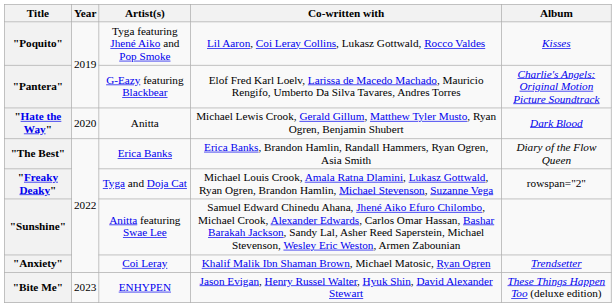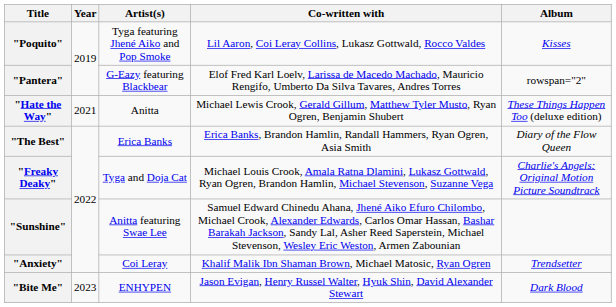 <table class="wikitable plainrowheaders" style="text-align:center;">
 <tr>
 <th scope="col">Title</th>
 <th scope="col">Year</th>
 <th scope="col">Artist(s)</th>
 <th scope="col">Co-written with</th>
 <th scope="col">Album</th>
 </tr>
 <tr>
 <th scope="row">"Poquito"</th>
 <td rowspan="2">2019</td>
 <td>Tyga featuring <a href='#'>Jhené Aiko</a> and <a href='#'>Pop Smoke</a></td>
 <td><a href='#'>Lil Aaron</a>, <a href='#'>Coi Leray Collins</a>, Lukasz Gottwald, <a href='#'>Rocco Valdes</a></td>
 <td><em><a href='#'>Kisses</a></em></td>
 </tr>
 <tr>
 <th scope="row">"Pantera"</th>
 <td><a href='#'>G-Eazy</a> featuring <a href='#'>Blackbear</a></td>
 <td>Elof Fred Karl Loelv, <a href='#'>Larissa de Macedo Machado</a>, Mauricio Rengifo, Umberto Da Silva Tavares, Andres Torres</td>
-<td><em><a href='#'>Charlie's Angels: Original Motion Picture Soundtrack</a></em></td>
+<td>rowspan="2" </td>
 </tr>
 <tr>
 <th scope="row">"<a href='#'>Hate the Way</a>"</th>
-<td>2020</td>
+<td>2021</td>
 <td>Anitta</td>
 <td>Michael Lewis Crook, <a href='#'>Gerald Gillum</a>, <a href='#'>Matthew Tyler Musto</a>, Ryan Ogren, Benjamin Shubert</td>
-<td><em><a href='#'>Dark Blood</a></em></td>
+<td><em><a href='#'>These Things Happen Too</a></em> (deluxe edition)</td>
 </tr>
 <tr>
 <th scope="row">"The Best"</th>
 <td rowspan="4">2022</td>
 <td><a href='#'>Erica Banks</a></td>
 <td><a href='#'>Erica Banks</a>, Brandon Hamlin, Randall Hammers, Ryan Ogren, Asia Smith</td>
 <td><em>Diary of the Flow Queen</em></td>
 </tr>
 <tr>
 <th scope="row">"<a href='#'>Freaky Deaky</a>"</th>
 <td><a href='#'>Tyga</a> and <a href='#'>Doja Cat</a></td>
 <td>Michael Louis Crook, <a href='#'>Amala Ratna Dlamini</a>, <a href='#'>Lukasz Gottwald</a>, Ryan Ogren, Brandon Hamlin, <a href='#'>Michael Stevenson</a>, <a href='#'>Suzanne Vega</a></td>
-<td>rowspan="2" </td>
+<td><em><a href='#'>Charlie's Angels: Original Motion Picture Soundtrack</a></em></td>
 </tr>
 <tr>
 <th scope="row">"Sunshine"</th>
 <td><a href='#'>Anitta</a> featuring <a href='#'>Swae Lee</a></td>
 <td>Samuel Edward Chinedu Ahana, <a href='#'> Jhené Aiko Efuro Chilombo</a>, Michael Crook, <a href='#'>Alexander Edwards</a>, Carlos Omar Hassan, <a href='#'>Bashar Barakah Jackson</a>, Sandy Lal, Asher Reed Saperstein, Michael Stevenson, <a href='#'>Wesley Eric Weston</a>, Armen Zabounian</td>
 </tr>
 <tr>
 <th scope="row">"Anxiety"</th>
 <td><a href='#'>Coi Leray</a></td>
 <td><a href='#'>Khalif Malik Ibn Shaman Brown</a>, Michael Matosic, <a href='#'>Ryan Ogren</a></td>
 <td><em><a href='#'>Trendsetter</a></em></td>
 </tr>
 <tr>
 <th scope="row">"Bite Me"</th>
 <td>2023</td>
 <td><a href='#'>ENHYPEN</a></td>
 <td><a href='#'>Jason Evigan</a>, <a href='#'>Henry Russel Walter</a>, <a href='#'>Hyuk Shin</a>, <a href='#'>David Alexander Stewart</a></td>
-<td><em><a href='#'>These Things Happen Too</a></em> (deluxe edition)</td>
+<td><em><a href='#'>Dark Blood</a></em></td>
 </tr>
 </table>
